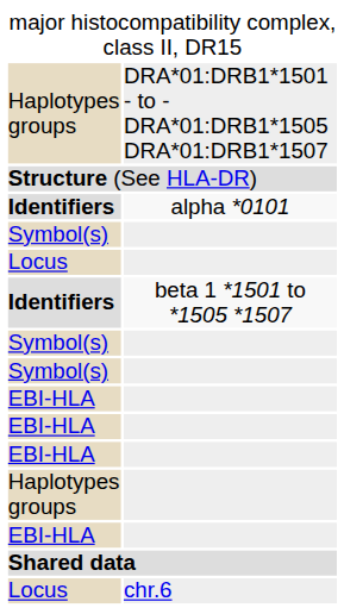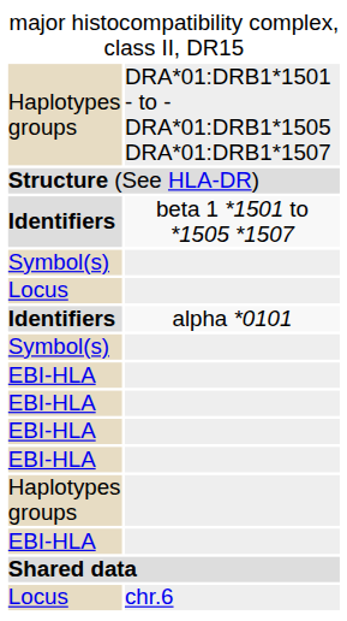 <table id="drugInfoBox" style="float: right; clear: right; margin: 0 0 0.5em 1em; background: #ffffff;" class="toccolours" border=0 cellpadding=0 align=right width="240px">
 <tr>
 <td align="center" colspan="2"></td>
 </tr>
 <tr>
 <td align="center" colspan="2"><div>major histocompatibility complex, class II, DR15</div></td>
 </tr>
 <tr>
 <td bgcolor="#e7dcc3">Haplotypes groups</td>
 <td bgcolor="#eeeeee">DRA*01:DRB1*1501 - to - DRA*01:DRB1*1505 DRA*01:DRB1*1507</td>
 </tr>
 <tr>
 <td colspan="2" bgcolor="#dddddd"><strong>Structure</strong> (See <a href='#'>HLA-DR</a>)</td>
 </tr>
 <tr style="background:#f8f8f8">
 <td bgcolor="#dddddd"><strong>Identifiers</strong></td>
-<td align="center"><div>alpha <em>*0101</em></div></td>
+<td align="center"><div>beta 1 <em>*1501</em> to <em>*1505</em> <em>*1507</em> </div></td>
 </tr>
 <tr>
 <td bgcolor="#e7dcc3"><a href='#'>Symbol(s)</a></td>
 <td bgcolor="#eeeeee"></td>
 </tr>
 <tr>
 <td bgcolor="#e7dcc3"><a href='#'>Locus</a></td>
 <td bgcolor="#eeeeee"></td>
 </tr>
 <tr style="background:#f8f8f8">
 <td bgcolor="#dddddd"><strong>Identifiers</strong></td>
-<td align="center"><div>beta 1 <em>*1501</em> to <em>*1505</em> <em>*1507</em> </div></td>
+<td align="center"><div>alpha <em>*0101</em></div></td>
 </tr>
 <tr>
 <td bgcolor="#e7dcc3"><a href='#'>Symbol(s)</a></td>
 <td bgcolor="#eeeeee"></td>
 </tr>
 <tr>
-<td bgcolor="#e7dcc3"><a href='#'>Symbol(s)</a></td>
+<td bgcolor="#e7dcc3"><a href='#'>EBI-HLA</a></td>
 <td bgcolor="#eeeeee"></td>
 </tr>
 <tr>
 <td bgcolor="#e7dcc3"><a href='#'>EBI-HLA</a></td>
 <td bgcolor="#eeeeee"></td>
 </tr>
 <tr>
 <td bgcolor="#e7dcc3"><a href='#'>EBI-HLA</a></td>
 <td bgcolor="#eeeeee"></td>
 </tr>
 <tr>
 <td bgcolor="#e7dcc3"><a href='#'>EBI-HLA</a></td>
 <td bgcolor="#eeeeee"></td>
 </tr>
 <tr>
 <td bgcolor="#e7dcc3">Haplotypes groups</td>
 <td bgcolor="#eeeeee"></td>
 </tr>
 <tr>
 <td bgcolor="#e7dcc3"><a href='#'>EBI-HLA</a></td>
 <td bgcolor="#eeeeee"></td>
 </tr>
 <tr>
 <td colspan="2" bgcolor="#dddddd"><strong>Shared data</strong></td>
 </tr>
 <tr>
 <td bgcolor="#e7dcc3"><a href='#'>Locus</a></td>
 <td bgcolor="#eeeeee"><a href='#'>chr.6</a> <em></em></td>
 </tr>
 <tr>
 </tr>
 </table>
